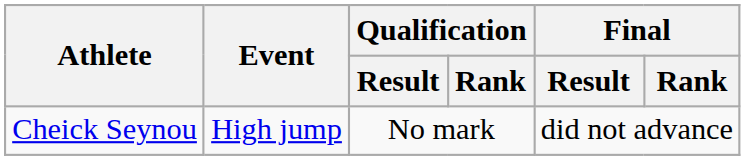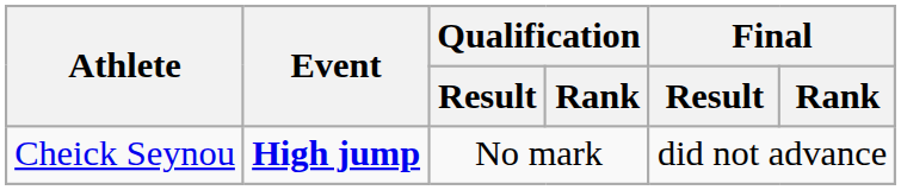 <table class=wikitable style=font-size:90%>
 <tr>
 <th rowspan=2>Athlete</th>
 <th rowspan=2>Event</th>
 <th colspan=2>Qualification</th>
 <th colspan=2>Final</th>
 </tr>
 <tr>
 <th>Result</th>
 <th>Rank</th>
 <th>Result</th>
 <th>Rank</th>
 </tr>
 <tr>
 <td><a href='#'>Cheick Seynou</a></td>
-<td><a href='#'>High jump</a></td>
+<td><strong><a href='#'>High jump</a></strong></td>
 <td align=center colspan=2>No mark</td>
 <td align=center colspan=2>did not advance</td>
 </tr>
 </table>
